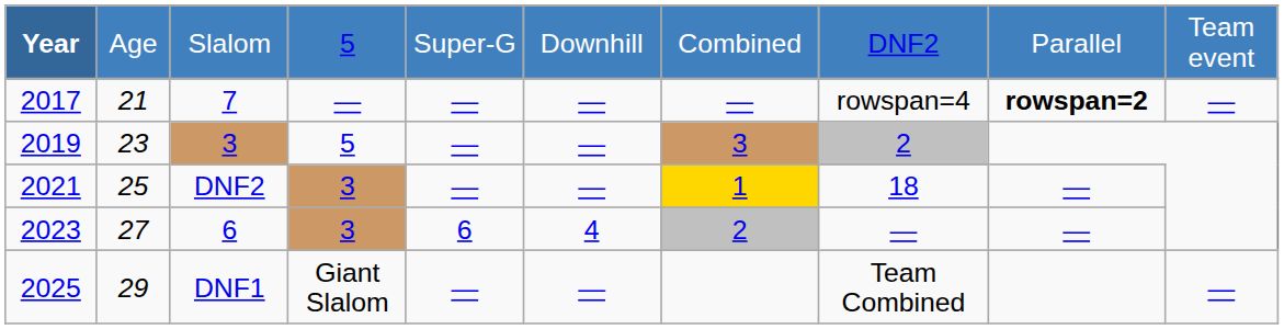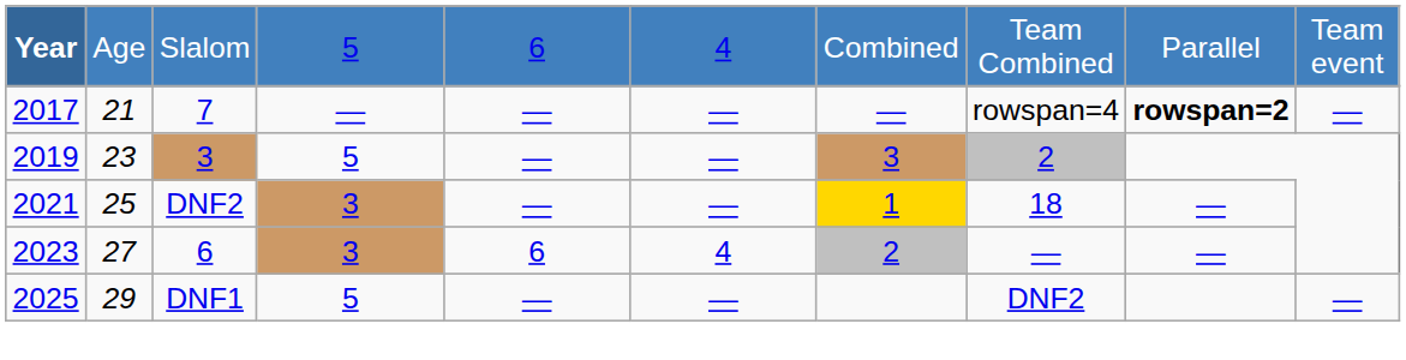 <table class="wikitable" style="font-size:95%; text-align:center; border:grey solid 1px; border-collapse:collapse;" width="45%">
 <tr style="background-color:#369; color:white;">
 <td rowspan="2" colspan="1" width="4%"><strong>Year</strong></td>
 </tr>
 <tr style="background-color:#4180be; color:white;">
 <td width="3%">Age</td>
 <td width="5%">Slalom</td>
 <td><a href='#'>5</a></td>
-<td width="5%">Super-G</td>
-<td width="5%">Downhill</td>
+<td><a href='#'>6</a></td>
+<td><a href='#'>4</a></td>
 <td width="5%">Combined</td>
-<td><a href='#'>DNF2</a></td>
+<td width="5%">Team<br>Combined</td>
 <td width="5%">Parallel</td>
 <td width="4%">Team<br> event </td>
 </tr>
 <tr style="background-color:#8CB2D8; color:white;">
 </tr>
 <tr>
 </tr>
 <tr>
 <td><a href='#'>2017</a></td>
 <td><em>21</em></td>
 <td><a href='#'>7</a></td>
 <td><a href='#'>—</a></td>
 <td><a href='#'>—</a></td>
 <td><a href='#'>—</a></td>
 <td><a href='#'>—</a></td>
 <td>rowspan=4 </td>
 <td><strong>rowspan=2 </strong></td>
 <td><a href='#'>—</a></td>
 </tr>
 <tr>
 <td><a href='#'>2019</a></td>
 <td><em>23</em></td>
 <td style="background:#cc9966;"><a href='#'>3</a></td>
 <td><a href='#'>5</a></td>
 <td><a href='#'>—</a></td>
 <td><a href='#'>—</a></td>
 <td style="background:#cc9966;"><a href='#'>3</a></td>
 <td style="background:silver;"><a href='#'>2</a></td>
 </tr>
 <tr>
 <td><a href='#'>2021</a></td>
 <td><em>25</em></td>
 <td><a href='#'>DNF2</a></td>
 <td style="background:#cc9966;"><a href='#'>3</a></td>
 <td><a href='#'>—</a></td>
 <td><a href='#'>—</a></td>
 <td bgcolor=gold><a href='#'>1</a></td>
 <td><a href='#'>18</a></td>
 <td><a href='#'>—</a></td>
 </tr>
 <tr>
 <td><a href='#'>2023</a></td>
 <td><em>27</em></td>
 <td><a href='#'>6</a></td>
 <td bgcolor=cc9966><a href='#'>3</a></td>
 <td><a href='#'>6</a></td>
 <td><a href='#'>4</a></td>
 <td style="background:silver;"><a href='#'>2</a></td>
 <td><a href='#'>—</a></td>
 <td><a href='#'>—</a></td>
 </tr>
 <tr>
 <td><a href='#'>2025</a></td>
 <td><em>29</em></td>
 <td><a href='#'>DNF1</a></td>
-<td width="5%">Giant<br>Slalom</td>
+<td><a href='#'>5</a></td>
 <td><a href='#'>—</a></td>
 <td><a href='#'>—</a></td>
 <td></td>
-<td width="5%">Team<br>Combined</td>
+<td><a href='#'>DNF2</a></td>
 <td></td>
 <td><a href='#'>—</a></td>
 </tr>
 </table>
